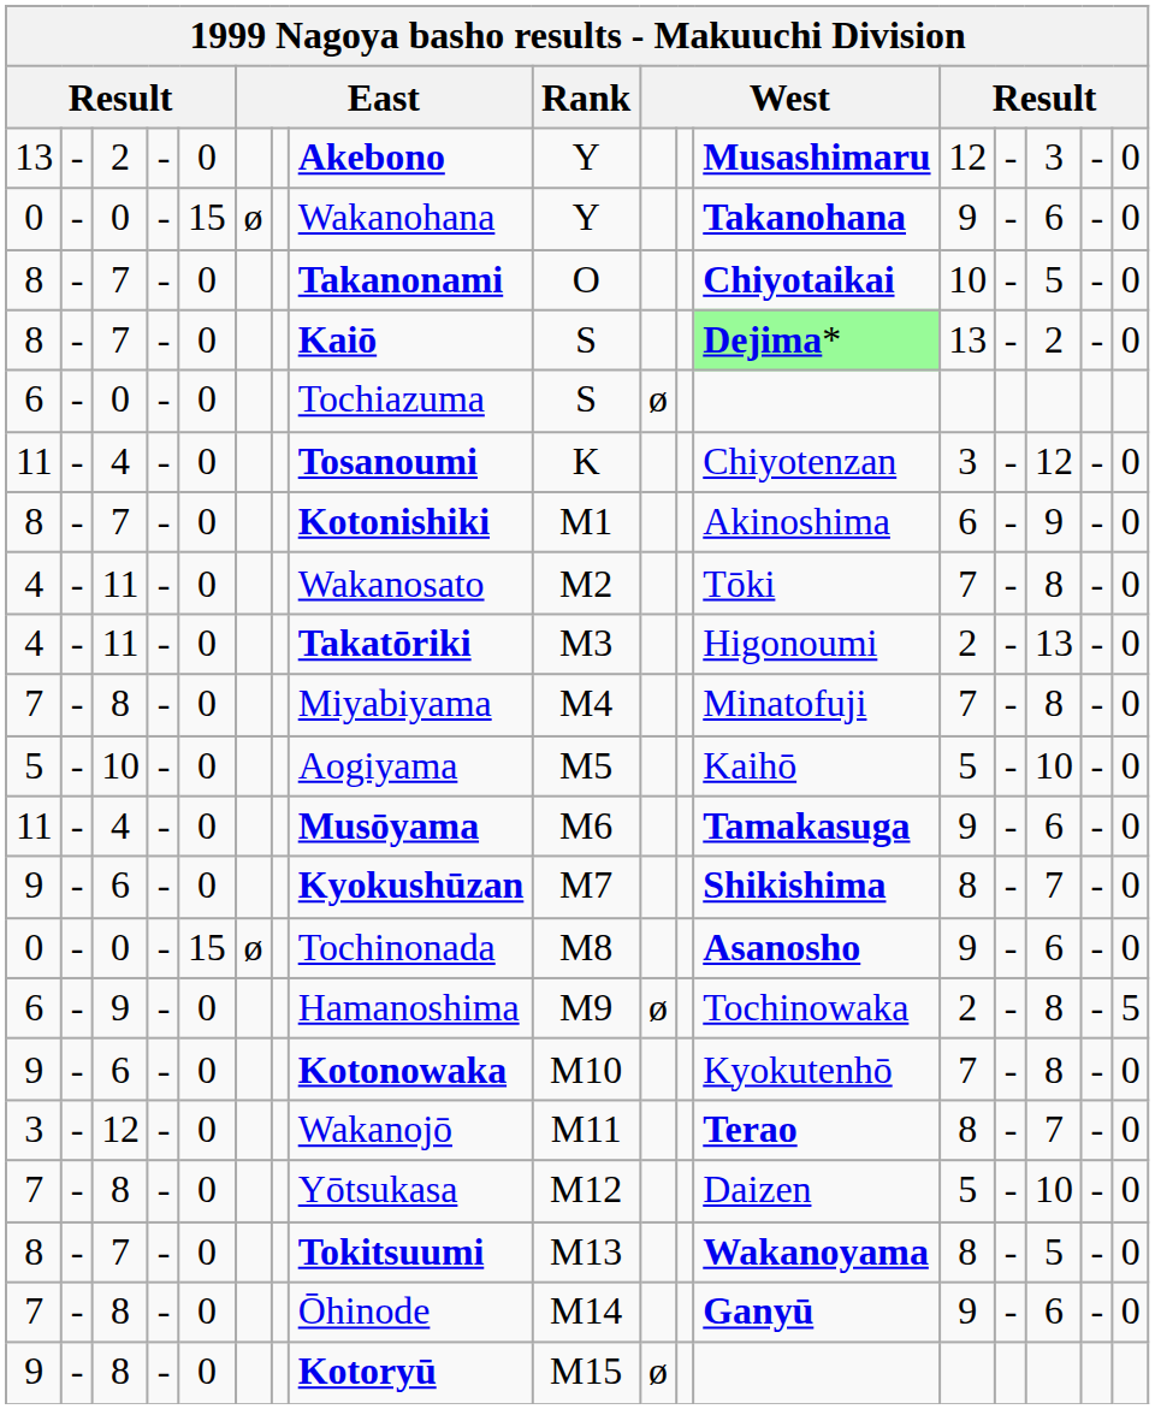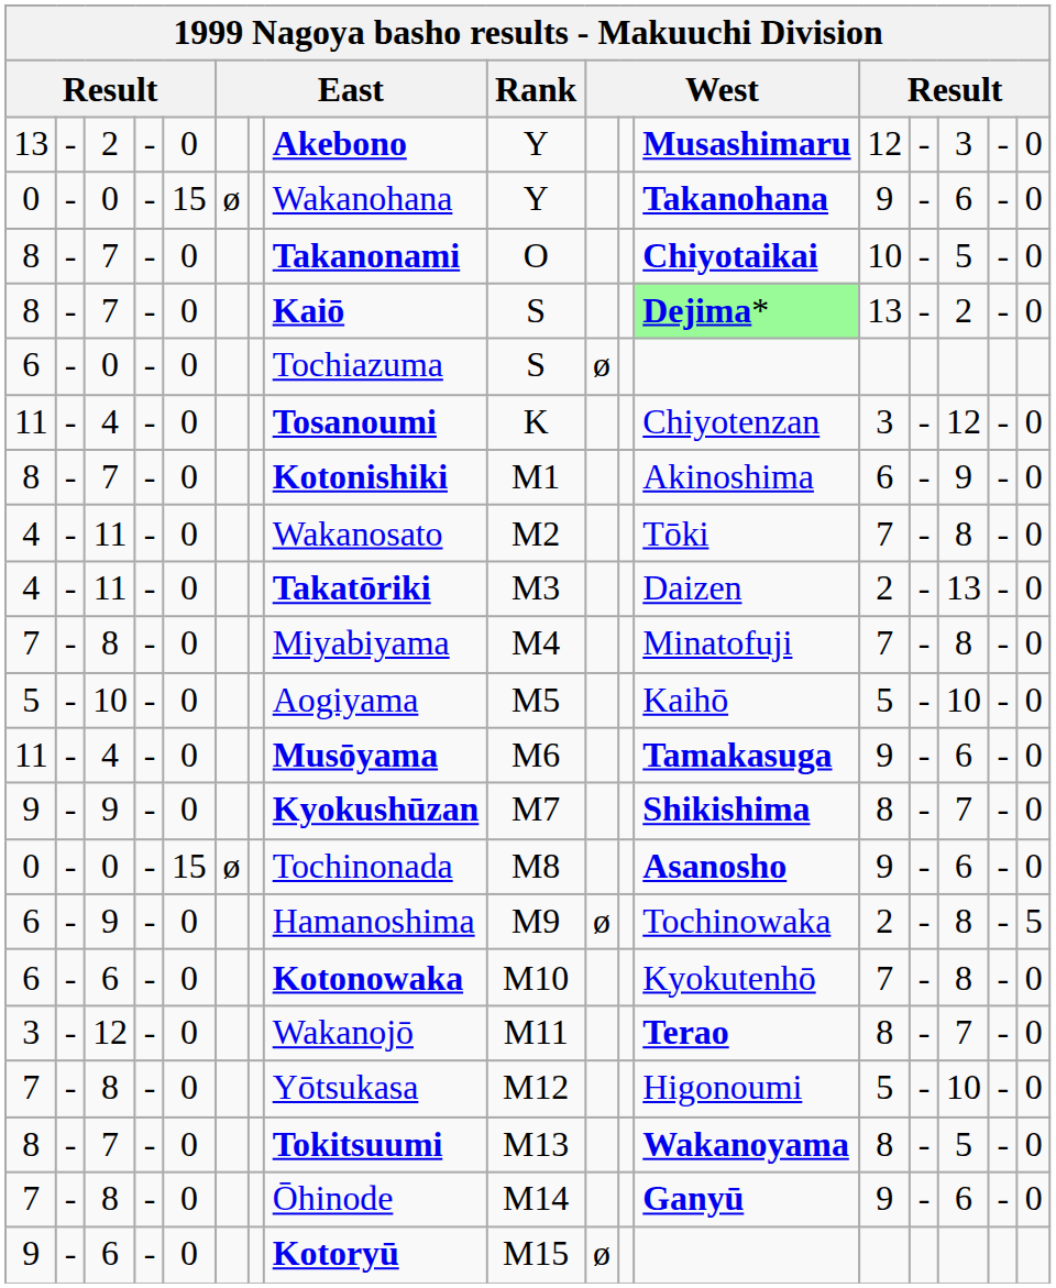 <table class="wikitable">
 <tr>
 <th colspan="17">1999 Nagoya basho results - Makuuchi Division</th>
 </tr>
 <tr>
 <th colspan="5">Result</th>
 <th colspan="3">East</th>
 <th>Rank</th>
 <th colspan="3">West</th>
 <th colspan="5">Result</th>
 </tr>
 <tr>
 <td align=center>13</td>
 <td align=center>-</td>
 <td align=center>2</td>
 <td align=center>-</td>
 <td align=center>0</td>
 <td align=center></td>
 <td align=center></td>
 <td><strong><a href='#'>Akebono</a></strong></td>
 <td align=center>Y</td>
 <td align=center></td>
 <td align=center></td>
 <td><strong><a href='#'>Musashimaru</a></strong></td>
 <td align=center>12</td>
 <td align=center>-</td>
 <td align=center>3</td>
 <td align=center>-</td>
 <td align=center>0</td>
 </tr>
 <tr>
 <td align=center>0</td>
 <td align=center>-</td>
 <td align=center>0</td>
 <td align=center>-</td>
 <td align=center>15</td>
 <td align=center>ø</td>
 <td align=center></td>
 <td><a href='#'>Wakanohana</a></td>
 <td align=center>Y</td>
 <td align=center></td>
 <td align=center></td>
 <td><strong><a href='#'>Takanohana</a></strong></td>
 <td align=center>9</td>
 <td align=center>-</td>
 <td align=center>6</td>
 <td align=center>-</td>
 <td align=center>0</td>
 </tr>
 <tr>
 <td align=center>8</td>
 <td align=center>-</td>
 <td align=center>7</td>
 <td align=center>-</td>
 <td align=center>0</td>
 <td align=center></td>
 <td align=center></td>
 <td><strong><a href='#'>Takanonami</a></strong></td>
 <td align=center>O</td>
 <td align=center></td>
 <td align=center></td>
 <td><strong><a href='#'>Chiyotaikai</a></strong></td>
 <td align=center>10</td>
 <td align=center>-</td>
 <td align=center>5</td>
 <td align=center>-</td>
 <td align=center>0</td>
 </tr>
 <tr>
 <td align=center>8</td>
 <td align=center>-</td>
 <td align=center>7</td>
 <td align=center>-</td>
 <td align=center>0</td>
 <td align=center></td>
 <td align=center></td>
 <td><strong><a href='#'>Kaiō</a></strong></td>
 <td align=center>S</td>
 <td align=center></td>
 <td align=center></td>
 <td style="background: PaleGreen;"><strong><a href='#'>Dejima</a></strong>*</td>
 <td align=center>13</td>
 <td align=center>-</td>
 <td align=center>2</td>
 <td align=center>-</td>
 <td align=center>0</td>
 </tr>
 <tr>
 <td align=center>6</td>
 <td align=center>-</td>
 <td align=center>0</td>
 <td align=center>-</td>
 <td align=center>0</td>
 <td align=center></td>
 <td align=center></td>
 <td><a href='#'>Tochiazuma</a></td>
 <td align=center>S</td>
 <td align=center>ø</td>
 <td align=center></td>
 <td></td>
 <td align=center></td>
 <td align=center></td>
 <td align=center></td>
 <td align=center></td>
 <td align=center></td>
 </tr>
 <tr>
 <td align=center>11</td>
 <td align=center>-</td>
 <td align=center>4</td>
 <td align=center>-</td>
 <td align=center>0</td>
 <td align=center></td>
 <td align=center></td>
 <td><strong><a href='#'>Tosanoumi</a></strong></td>
 <td align=center>K</td>
 <td align=center></td>
 <td align=center></td>
 <td><a href='#'>Chiyotenzan</a></td>
 <td align=center>3</td>
 <td align=center>-</td>
 <td align=center>12</td>
 <td align=center>-</td>
 <td align=center>0</td>
 </tr>
 <tr>
 <td align=center>8</td>
 <td align=center>-</td>
 <td align=center>7</td>
 <td align=center>-</td>
 <td align=center>0</td>
 <td align=center></td>
 <td align=center></td>
 <td><strong><a href='#'>Kotonishiki</a></strong></td>
 <td align=center>M1</td>
 <td align=center></td>
 <td align=center></td>
 <td><a href='#'>Akinoshima</a></td>
 <td align=center>6</td>
 <td align=center>-</td>
 <td align=center>9</td>
 <td align=center>-</td>
 <td align=center>0</td>
 </tr>
 <tr>
 <td align=center>4</td>
 <td align=center>-</td>
 <td align=center>11</td>
 <td align=center>-</td>
 <td align=center>0</td>
 <td align=center></td>
 <td align=center></td>
 <td><a href='#'>Wakanosato</a></td>
 <td align=center>M2</td>
 <td align=center></td>
 <td align=center></td>
 <td><a href='#'>Tōki</a></td>
 <td align=center>7</td>
 <td align=center>-</td>
 <td align=center>8</td>
 <td align=center>-</td>
 <td align=center>0</td>
 </tr>
 <tr>
 <td align=center>4</td>
 <td align=center>-</td>
 <td align=center>11</td>
 <td align=center>-</td>
 <td align=center>0</td>
 <td align=center></td>
 <td align=center></td>
 <td><strong><a href='#'>Takatōriki</a></strong></td>
 <td align=center>M3</td>
 <td align=center></td>
 <td align=center></td>
-<td><a href='#'>Higonoumi</a></td>
+<td><a href='#'>Daizen</a></td>
 <td align=center>2</td>
 <td align=center>-</td>
 <td align=center>13</td>
 <td align=center>-</td>
 <td align=center>0</td>
 </tr>
 <tr>
 <td align=center>7</td>
 <td align=center>-</td>
 <td align=center>8</td>
 <td align=center>-</td>
 <td align=center>0</td>
 <td align=center></td>
 <td align=center></td>
 <td><a href='#'>Miyabiyama</a></td>
 <td align=center>M4</td>
 <td align=center></td>
 <td align=center></td>
 <td><a href='#'>Minatofuji</a></td>
 <td align=center>7</td>
 <td align=center>-</td>
 <td align=center>8</td>
 <td align=center>-</td>
 <td align=center>0</td>
 </tr>
 <tr>
 <td align=center>5</td>
 <td align=center>-</td>
 <td align=center>10</td>
 <td align=center>-</td>
 <td align=center>0</td>
 <td align=center></td>
 <td align=center></td>
 <td><a href='#'>Aogiyama</a></td>
 <td align=center>M5</td>
 <td align=center></td>
 <td align=center></td>
 <td><a href='#'>Kaihō</a></td>
 <td align=center>5</td>
 <td align=center>-</td>
 <td align=center>10</td>
 <td align=center>-</td>
 <td align=center>0</td>
 </tr>
 <tr>
 <td align=center>11</td>
 <td align=center>-</td>
 <td align=center>4</td>
 <td align=center>-</td>
 <td align=center>0</td>
 <td align=center></td>
 <td align=center></td>
 <td><strong><a href='#'>Musōyama</a></strong></td>
 <td align=center>M6</td>
 <td align=center></td>
 <td align=center></td>
 <td><strong><a href='#'>Tamakasuga</a></strong></td>
 <td align=center>9</td>
 <td align=center>-</td>
 <td align=center>6</td>
 <td align=center>-</td>
 <td align=center>0</td>
 </tr>
 <tr>
 <td align=center>9</td>
 <td align=center>-</td>
-<td align=center>6</td>
+<td align=center>9</td>
 <td align=center>-</td>
 <td align=center>0</td>
 <td align=center></td>
 <td align=center></td>
 <td><strong><a href='#'>Kyokushūzan</a></strong></td>
 <td align=center>M7</td>
 <td align=center></td>
 <td align=center></td>
 <td><strong><a href='#'>Shikishima</a></strong></td>
 <td align=center>8</td>
 <td align=center>-</td>
 <td align=center>7</td>
 <td align=center>-</td>
 <td align=center>0</td>
 </tr>
 <tr>
 <td align=center>0</td>
 <td align=center>-</td>
 <td align=center>0</td>
 <td align=center>-</td>
 <td align=center>15</td>
 <td align=center>ø</td>
 <td align=center></td>
 <td><a href='#'>Tochinonada</a></td>
 <td align=center>M8</td>
 <td align=center></td>
 <td align=center></td>
 <td><strong><a href='#'>Asanosho</a></strong></td>
 <td align=center>9</td>
 <td align=center>-</td>
 <td align=center>6</td>
 <td align=center>-</td>
 <td align=center>0</td>
 </tr>
 <tr>
 <td align=center>6</td>
 <td align=center>-</td>
 <td align=center>9</td>
 <td align=center>-</td>
 <td align=center>0</td>
 <td align=center></td>
 <td align=center></td>
 <td><a href='#'>Hamanoshima</a></td>
 <td align=center>M9</td>
 <td align=center>ø</td>
 <td align=center></td>
 <td><a href='#'>Tochinowaka</a></td>
 <td align=center>2</td>
 <td align=center>-</td>
 <td align=center>8</td>
 <td align=center>-</td>
 <td align=center>5</td>
 </tr>
 <tr>
-<td align=center>9</td>
+<td align=center>6</td>
 <td align=center>-</td>
 <td align=center>6</td>
 <td align=center>-</td>
 <td align=center>0</td>
 <td align=center></td>
 <td align=center></td>
 <td><strong><a href='#'>Kotonowaka</a></strong></td>
 <td align=center>M10</td>
 <td align=center></td>
 <td align=center></td>
 <td><a href='#'>Kyokutenhō</a></td>
 <td align=center>7</td>
 <td align=center>-</td>
 <td align=center>8</td>
 <td align=center>-</td>
 <td align=center>0</td>
 </tr>
 <tr>
 <td align=center>3</td>
 <td align=center>-</td>
 <td align=center>12</td>
 <td align=center>-</td>
 <td align=center>0</td>
 <td align=center></td>
 <td align=center></td>
 <td><a href='#'>Wakanojō</a></td>
 <td align=center>M11</td>
 <td align=center></td>
 <td align=center></td>
 <td><strong><a href='#'>Terao</a></strong></td>
 <td align=center>8</td>
 <td align=center>-</td>
 <td align=center>7</td>
 <td align=center>-</td>
 <td align=center>0</td>
 </tr>
 <tr>
 <td align=center>7</td>
 <td align=center>-</td>
 <td align=center>8</td>
 <td align=center>-</td>
 <td align=center>0</td>
 <td align=center></td>
 <td align=center></td>
 <td><a href='#'>Yōtsukasa</a></td>
 <td align=center>M12</td>
 <td align=center></td>
 <td align=center></td>
-<td><a href='#'>Daizen</a></td>
+<td><a href='#'>Higonoumi</a></td>
 <td align=center>5</td>
 <td align=center>-</td>
 <td align=center>10</td>
 <td align=center>-</td>
 <td align=center>0</td>
 </tr>
 <tr>
 <td align=center>8</td>
 <td align=center>-</td>
 <td align=center>7</td>
 <td align=center>-</td>
 <td align=center>0</td>
 <td align=center></td>
 <td align=center></td>
 <td><strong><a href='#'>Tokitsuumi</a></strong></td>
 <td align=center>M13</td>
 <td align=center></td>
 <td align=center></td>
 <td><strong><a href='#'>Wakanoyama</a></strong></td>
 <td align=center>8</td>
 <td align=center>-</td>
 <td align=center>5</td>
 <td align=center>-</td>
 <td align=center>0</td>
 </tr>
 <tr>
 <td align=center>7</td>
 <td align=center>-</td>
 <td align=center>8</td>
 <td align=center>-</td>
 <td align=center>0</td>
 <td align=center></td>
 <td align=center></td>
 <td><a href='#'>Ōhinode</a></td>
 <td align=center>M14</td>
 <td align=center></td>
 <td align=center></td>
 <td><strong><a href='#'>Ganyū</a></strong></td>
 <td align=center>9</td>
 <td align=center>-</td>
 <td align=center>6</td>
 <td align=center>-</td>
 <td align=center>0</td>
 </tr>
 <tr>
 <td align=center>9</td>
 <td align=center>-</td>
-<td align=center>8</td>
+<td align=center>6</td>
 <td align=center>-</td>
 <td align=center>0</td>
 <td align=center></td>
 <td align=center></td>
 <td><strong><a href='#'>Kotoryū</a></strong></td>
 <td align=center>M15</td>
 <td align=center>ø</td>
 <td align=center></td>
 <td></td>
 <td align=center></td>
 <td align=center></td>
 <td align=center></td>
 <td align=center></td>
 <td align=center></td>
 </tr>
 </table>
